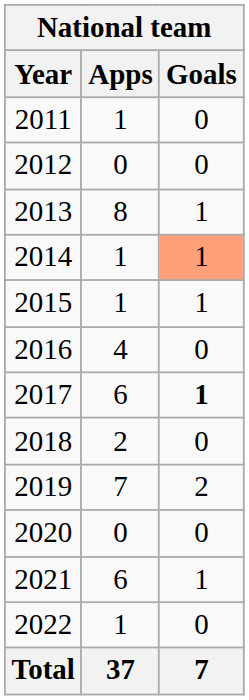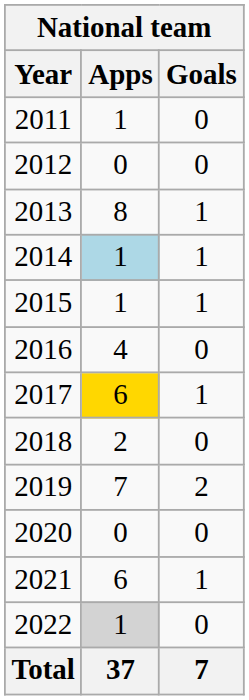 <table class="wikitable" style="text-align:center">
 <tr>
 <th colspan=3>National team</th>
 </tr>
 <tr>
 <th>Year</th>
 <th>Apps</th>
 <th>Goals</th>
 </tr>
 <tr>
 <td>2011</td>
 <td>1</td>
 <td>0</td>
 </tr>
 <tr>
 <td>2012</td>
 <td>0</td>
 <td>0</td>
 </tr>
 <tr>
 <td>2013</td>
 <td>8</td>
 <td>1</td>
 </tr>
 <tr>
 <td>2014</td>
+<td style="background: lightblue;">1</td>
 <td>1</td>
-<td style="background: lightsalmon;">1</td>
 </tr>
 <tr>
 <td>2015</td>
 <td>1</td>
 <td>1</td>
 </tr>
 <tr>
 <td>2016</td>
 <td>4</td>
 <td>0</td>
 </tr>
 <tr>
 <td>2017</td>
-<td>6</td>
-<td><strong>1</strong></td>
+<td style="background: gold;">6</td>
+<td>1</td>
 </tr>
 <tr>
 <td>2018</td>
 <td>2</td>
 <td>0</td>
 </tr>
 <tr>
 <td>2019</td>
 <td>7</td>
 <td>2</td>
 </tr>
 <tr>
 <td>2020</td>
 <td>0</td>
 <td>0</td>
 </tr>
 <tr>
 <td>2021</td>
 <td>6</td>
 <td>1</td>
 </tr>
 <tr>
 <td>2022</td>
-<td>1</td>
+<td style="background: lightgrey;">1</td>
 <td>0</td>
 </tr>
 <tr>
 <th>Total</th>
 <th>37</th>
 <th>7</th>
 </tr>
 </table>
